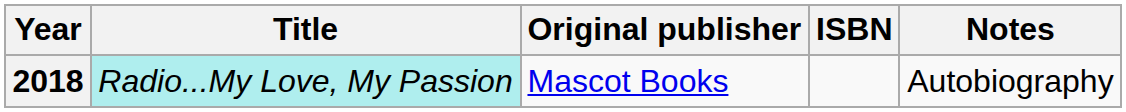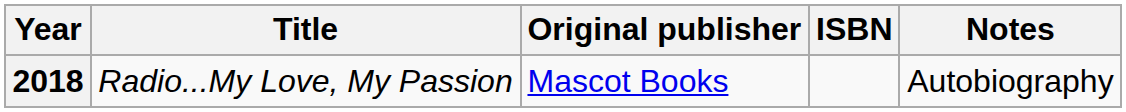 <table class="wikitable plainrowheaders sortable">
 <tr>
 <th scope="col">Year</th>
 <th scope="col">Title</th>
 <th scope="col">Original publisher</th>
 <th scope="col">ISBN</th>
 <th scope="col" class="unsortable">Notes</th>
 </tr>
 <tr>
 <th scope="row">2018</th>
-<td style="background: paleturquoise;"><em>Radio...My Love, My Passion</em></td>
+<td><em>Radio...My Love, My Passion</em></td>
 <td><a href='#'>Mascot Books</a></td>
 <td></td>
 <td>Autobiography</td>
 </tr>
 <tr>
 </tr>
 </table>
